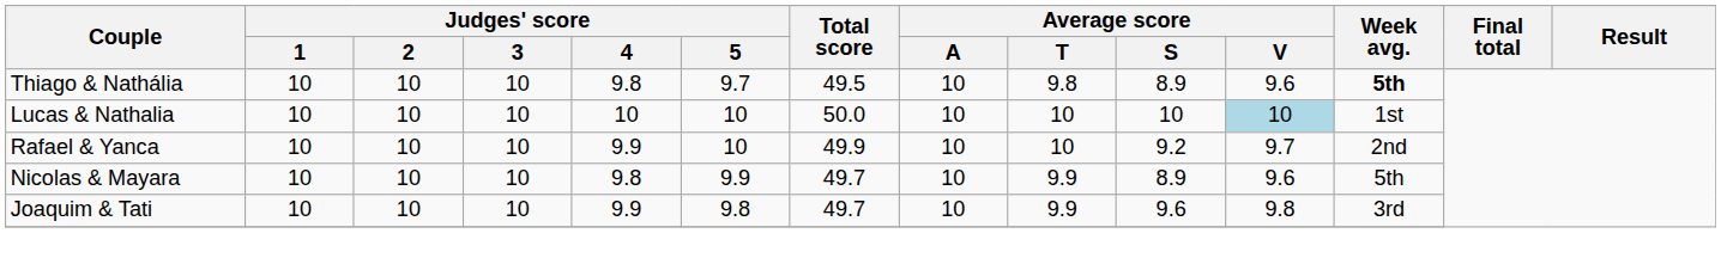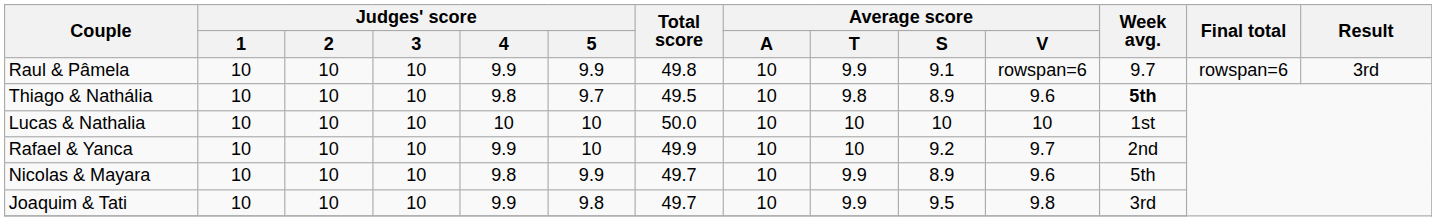 <table class="wikitable" style="font-size:100%; line-height:16px; text-align:center" width="100%">
 <tr>
 <th rowspan=2 style="width:11.0%;">Couple</th>
 <th colspan=5 style="width:25.0%;">Judges' score</th>
 <th rowspan=2 style="width:05.0%;">Total score</th>
 <th colspan=4 style="width:20.0%;">Average score</th>
 <th rowspan=2 style="width:05.0%;">Week avg.</th>
 <th rowspan=2 style="width:05.0%;">Final total</th>
 <th rowspan=2 style="width:07.5%;">Result</th>
 </tr>
 <tr>
 <th style="width:05.0%;">1</th>
 <th style="width:05.0%;">2</th>
 <th style="width:05.0%;">3</th>
 <th style="width:05.0%;">4</th>
 <th style="width:05.0%;">5</th>
 <th style="width:05.0%;">A</th>
 <th style="width:05.0%;">T</th>
 <th style="width:05.0%;">S</th>
 <th style="width:05.0%;">V</th>
+</tr>
+<tr>
+<td align="left">Raul & Pâmela</td>
+<td>10</td>
+<td>10</td>
+<td>10</td>
+<td>9.9</td>
+<td>9.9</td>
+<td>49.8</td>
+<td>10</td>
+<td>9.9</td>
+<td>9.1</td>
+<td>rowspan=6 </td>
+<td>9.7</td>
+<td>rowspan=6 </td>
+<td>3rd</td>
 </tr>
 <tr>
 <td align="left">Thiago & Nathália</td>
 <td>10</td>
 <td>10</td>
 <td>10</td>
 <td>9.8</td>
 <td>9.7</td>
 <td>49.5</td>
 <td>10</td>
 <td>9.8</td>
 <td>8.9</td>
 <td>9.6</td>
 <td><strong>5th</strong></td>
 </tr>
 <tr>
 <td align="left">Lucas & Nathalia</td>
 <td>10</td>
 <td>10</td>
 <td>10</td>
 <td>10</td>
 <td>10</td>
 <td>50.0</td>
 <td>10</td>
 <td>10</td>
 <td>10</td>
-<td style="background: lightblue;">10</td>
+<td>10</td>
 <td>1st</td>
 </tr>
 <tr>
 <td align="left">Rafael & Yanca</td>
 <td>10</td>
 <td>10</td>
 <td>10</td>
 <td>9.9</td>
 <td>10</td>
 <td>49.9</td>
 <td>10</td>
 <td>10</td>
 <td>9.2</td>
 <td>9.7</td>
 <td>2nd</td>
 </tr>
 <tr>
 <td align="left">Nicolas & Mayara</td>
 <td>10</td>
 <td>10</td>
 <td>10</td>
 <td>9.8</td>
 <td>9.9</td>
 <td>49.7</td>
 <td>10</td>
 <td>9.9</td>
 <td>8.9</td>
 <td>9.6</td>
 <td>5th</td>
 </tr>
 <tr>
 <td align="left">Joaquim & Tati</td>
 <td>10</td>
 <td>10</td>
 <td>10</td>
 <td>9.9</td>
 <td>9.8</td>
 <td>49.7</td>
 <td>10</td>
 <td>9.9</td>
-<td>9.6</td>
+<td>9.5</td>
 <td>9.8</td>
 <td>3rd</td>
 </tr>
 <tr>
 </tr>
 </table>
